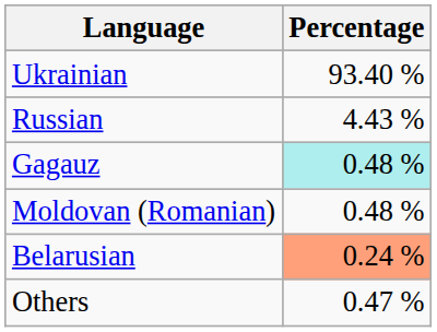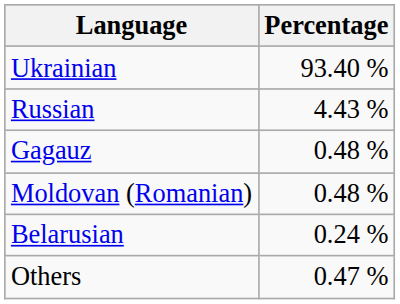 <table class="wikitable">
 <tr>
 <th>Language</th>
 <th>Percentage</th>
 </tr>
 <tr>
 <td><a href='#'>Ukrainian</a></td>
 <td align="right">93.40 %</td>
 </tr>
 <tr>
 <td><a href='#'>Russian</a></td>
 <td align="right">4.43 %</td>
 </tr>
 <tr>
 <td><a href='#'>Gagauz</a></td>
-<td align="right" style="background: paleturquoise;">0.48 %</td>
+<td align="right">0.48 %</td>
 </tr>
 <tr>
 <td><a href='#'>Moldovan</a> (<a href='#'>Romanian</a>)</td>
 <td align="right">0.48 %</td>
 </tr>
 <tr>
 <td><a href='#'>Belarusian</a></td>
-<td align="right" style="background: lightsalmon;">0.24 %</td>
+<td align="right">0.24 %</td>
 </tr>
 <tr>
 <td>Others</td>
 <td align="right">0.47 %</td>
 </tr>
 </table>
